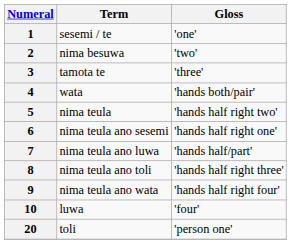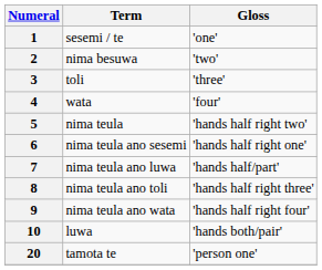 <table class="wikitable" style="text-align: left;">
 <tr>
 <th><a href='#'>Numeral</a></th>
 <th>Term</th>
 <th>Gloss</th>
 </tr>
 <tr>
 <th>1</th>
 <td>sesemi / te</td>
 <td>'one'</td>
 </tr>
 <tr>
 <th>2</th>
 <td>nima besuwa</td>
 <td>'two'</td>
 </tr>
 <tr>
 <th>3</th>
-<td>tamota te</td>
+<td>toli</td>
 <td>'three'</td>
 </tr>
 <tr>
 <th>4</th>
 <td>wata</td>
-<td>'hands both/pair'</td>
+<td>'four'</td>
 </tr>
 <tr>
 <th>5</th>
 <td>nima teula</td>
 <td>'hands half right two'</td>
 </tr>
 <tr>
 <th>6</th>
 <td>nima teula ano sesemi</td>
 <td>'hands half right one'</td>
 </tr>
 <tr>
 <th>7</th>
 <td>nima teula ano luwa</td>
 <td>'hands half/part'</td>
 </tr>
 <tr>
 <th>8</th>
 <td>nima teula ano toli</td>
 <td>'hands half right three'</td>
 </tr>
 <tr>
 <th>9</th>
 <td>nima teula ano wata</td>
 <td>'hands half right four'</td>
 </tr>
 <tr>
 <th>10</th>
 <td>luwa</td>
-<td>'four'</td>
+<td>'hands both/pair'</td>
 </tr>
 <tr>
 <th>20</th>
-<td>toli</td>
+<td>tamota te</td>
 <td>'person one'</td>
 </tr>
 <tr>
 </tr>
 </table>
